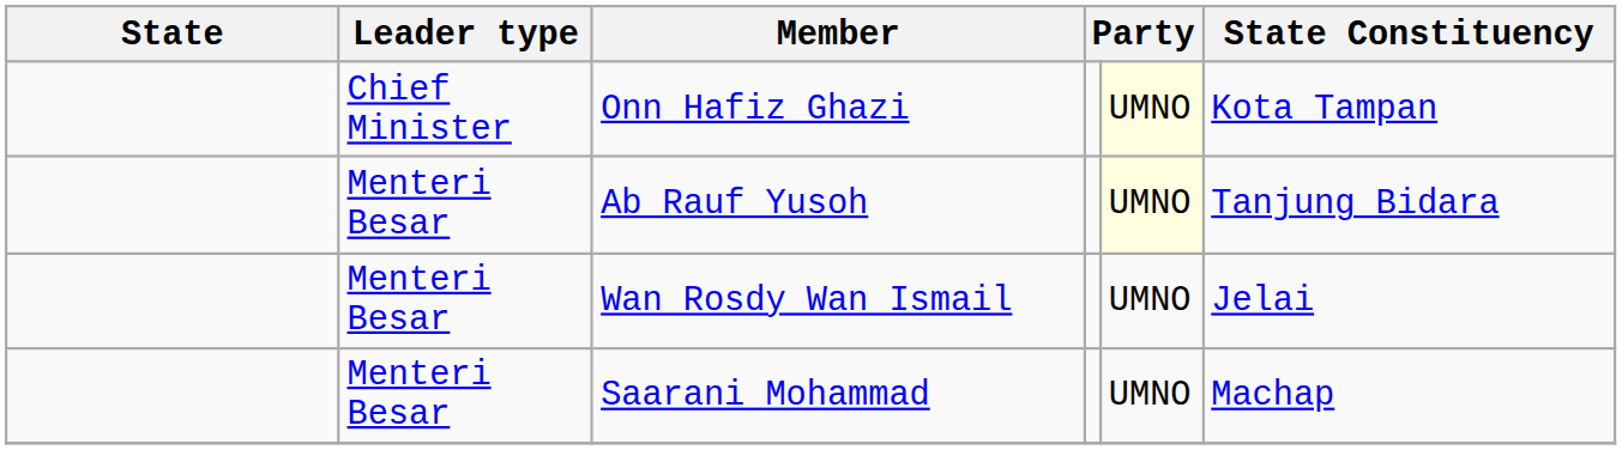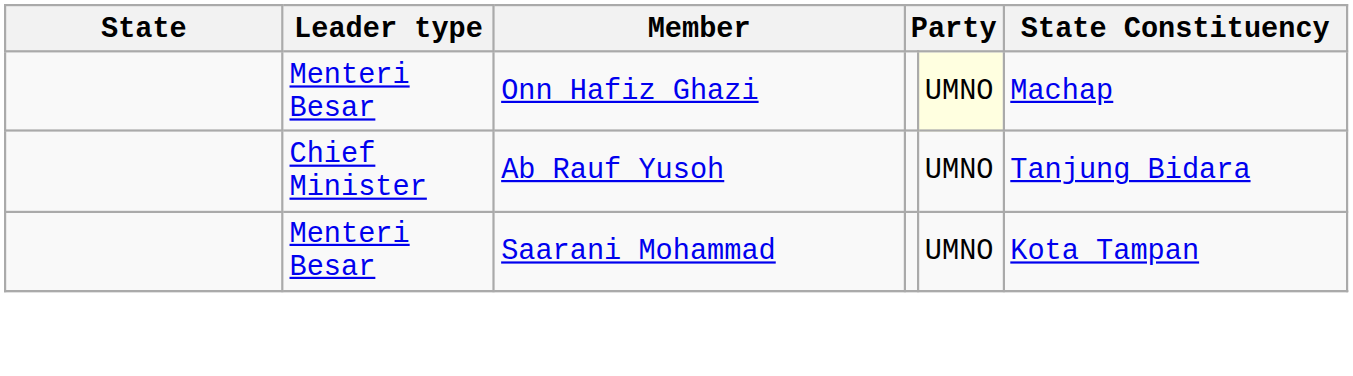 <table class ="wikitable sortable">
 <tr>
 <th style="width:120px;">State</th>
 <th style="width:90px;">Leader type</th>
 <th style="width:180px;">Member</th>
 <th style="width:80px;" colspan=2>Party</th>
 <th style="width:150px;">State Constituency</th>
 </tr>
 <tr>
 <td></td>
-<td><a href='#'>Chief Minister</a></td>
+<td><a href='#'>Menteri Besar</a></td>
 <td><a href='#'>Onn Hafiz Ghazi</a></td>
 <td></td>
 <td style="background: lightyellow;">UMNO</td>
-<td><a href='#'>Kota Tampan</a></td>
+<td><a href='#'>Machap</a></td>
 </tr>
 <tr>
 <td></td>
-<td><a href='#'>Menteri Besar</a></td>
+<td><a href='#'>Chief Minister</a></td>
 <td><a href='#'>Ab Rauf Yusoh</a></td>
 <td></td>
-<td style="background: lightyellow;">UMNO</td>
+<td>UMNO</td>
 <td><a href='#'>Tanjung Bidara</a></td>
-</tr>
-<tr>
-<td></td>
-<td><a href='#'>Menteri Besar</a></td>
-<td><a href='#'>Wan Rosdy Wan Ismail</a></td>
-<td></td>
-<td>UMNO</td>
-<td><a href='#'>Jelai</a></td>
 </tr>
 <tr>
 <td></td>
 <td><a href='#'>Menteri Besar</a></td>
 <td><a href='#'>Saarani Mohammad</a></td>
 <td></td>
 <td>UMNO</td>
-<td><a href='#'>Machap</a></td>
+<td><a href='#'>Kota Tampan</a></td>
 </tr>
 <tr>
 </tr>
 </table>
